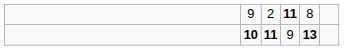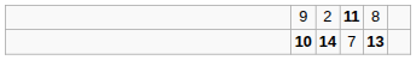 <table class="wikitable">
 <tr>
 <td style="width:18em"></td>
 <td align=center style="width:1em">9</td>
 <td align=center style="width:1em">2</td>
 <td align=center style="width:1em"><strong>11</strong></td>
 <td align=center style="width:1em">8</td>
 <td align=center style="width:1em"></td>
 </tr>
 <tr>
 <td style="width:18em"></td>
 <td align=center style="width:1em"><strong>10</strong></td>
-<td align=center style="width:1em"><strong>11</strong></td>
-<td align=center style="width:1em">9</td>
+<td align=center style="width:1em"><strong>14</strong></td>
+<td align=center style="width:1em">7</td>
 <td align=center style="width:1em"><strong>13</strong></td>
 <td align=center style="width:1em"></td>
 </tr>
 </table>
